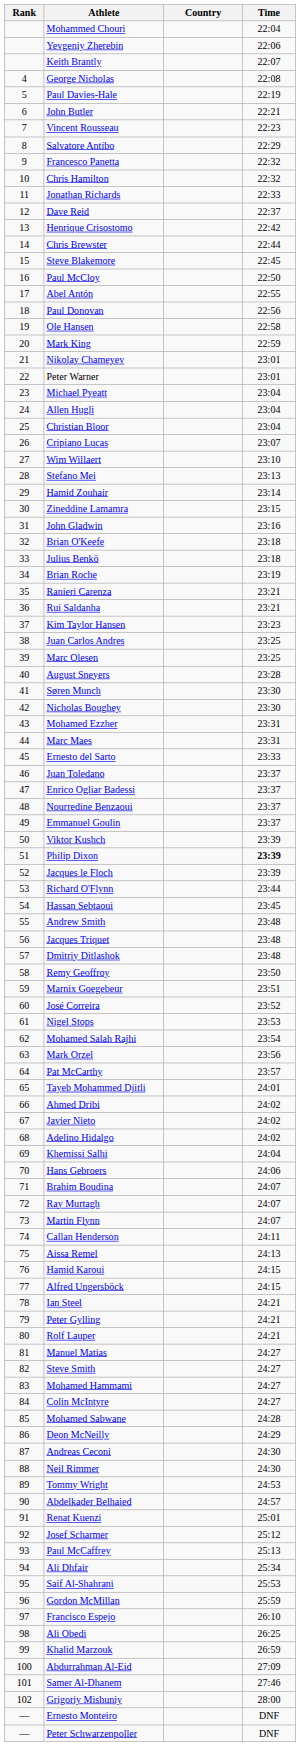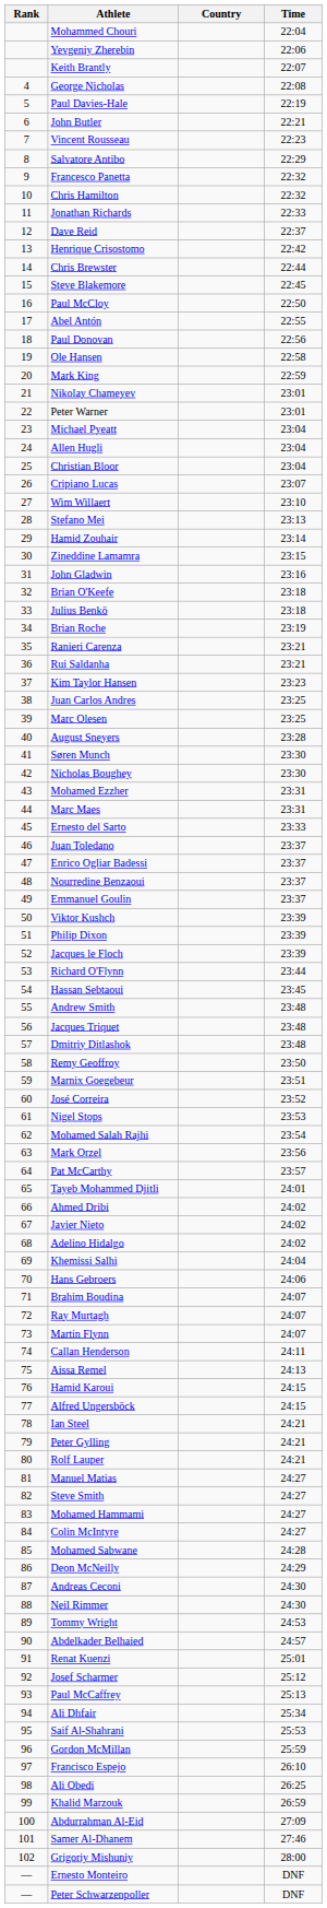 <table class="wikitable sortable" style=" text-align:center; font-size:95%;" width="50%">
 <tr>
 <th width=5%>Rank</th>
 <th width=20%>Athlete</th>
 <th width=15%>Country</th>
 <th width=10%>Time</th>
 </tr>
 <tr>
 <td align=center></td>
 <td align=left><a href='#'>Mohammed Chouri</a></td>
 <td align=left></td>
 <td>22:04</td>
 </tr>
 <tr>
 <td align=center></td>
 <td align=left><a href='#'>Yevgeniy Zherebin</a></td>
 <td align=left></td>
 <td>22:06</td>
 </tr>
 <tr>
 <td align=center></td>
 <td align=left><a href='#'>Keith Brantly</a></td>
 <td align=left></td>
 <td>22:07</td>
 </tr>
 <tr>
 <td align=center>4</td>
 <td align=left><a href='#'>George Nicholas</a></td>
 <td align=left></td>
 <td>22:08</td>
 </tr>
 <tr>
 <td align=center>5</td>
 <td align=left><a href='#'>Paul Davies-Hale</a></td>
 <td align=left></td>
 <td>22:19</td>
 </tr>
 <tr>
 <td align=center>6</td>
 <td align=left><a href='#'>John Butler</a></td>
 <td align=left></td>
 <td>22:21</td>
 </tr>
 <tr>
 <td align=center>7</td>
 <td align=left><a href='#'>Vincent Rousseau</a></td>
 <td align=left></td>
 <td>22:23</td>
 </tr>
 <tr>
 <td align=center>8</td>
 <td align=left><a href='#'>Salvatore Antibo</a></td>
 <td align=left></td>
 <td>22:29</td>
 </tr>
 <tr>
 <td align=center>9</td>
 <td align=left><a href='#'>Francesco Panetta</a></td>
 <td align=left></td>
 <td>22:32</td>
 </tr>
 <tr>
 <td align=center>10</td>
 <td align=left><a href='#'>Chris Hamilton</a></td>
 <td align=left></td>
 <td>22:32</td>
 </tr>
 <tr>
 <td align=center>11</td>
 <td align=left><a href='#'>Jonathan Richards</a></td>
 <td align=left></td>
 <td>22:33</td>
 </tr>
 <tr>
 <td align=center>12</td>
 <td align=left><a href='#'>Dave Reid</a></td>
 <td align=left></td>
 <td>22:37</td>
 </tr>
 <tr>
 <td align=center>13</td>
 <td align=left><a href='#'>Henrique Crisostomo</a></td>
 <td align=left></td>
 <td>22:42</td>
 </tr>
 <tr>
 <td align=center>14</td>
 <td align=left><a href='#'>Chris Brewster</a></td>
 <td align=left></td>
 <td>22:44</td>
 </tr>
 <tr>
 <td align=center>15</td>
 <td align=left><a href='#'>Steve Blakemore</a></td>
 <td align=left></td>
 <td>22:45</td>
 </tr>
 <tr>
 <td align=center>16</td>
 <td align=left><a href='#'>Paul McCloy</a></td>
 <td align=left></td>
 <td>22:50</td>
 </tr>
 <tr>
 <td align=center>17</td>
 <td align=left><a href='#'>Abel Antón</a></td>
 <td align=left></td>
 <td>22:55</td>
 </tr>
 <tr>
 <td align=center>18</td>
 <td align=left><a href='#'>Paul Donovan</a></td>
 <td align=left></td>
 <td>22:56</td>
 </tr>
 <tr>
 <td align=center>19</td>
 <td align=left><a href='#'>Ole Hansen</a></td>
 <td align=left></td>
 <td>22:58</td>
 </tr>
 <tr>
 <td align=center>20</td>
 <td align=left><a href='#'>Mark King</a></td>
 <td align=left></td>
 <td>22:59</td>
 </tr>
 <tr>
 <td align=center>21</td>
 <td align=left><a href='#'>Nikolay Chameyev</a></td>
 <td align=left></td>
 <td>23:01</td>
 </tr>
 <tr>
 <td align=center>22</td>
 <td align=left>Peter Warner</td>
 <td align="left"></td>
 <td>23:01</td>
 </tr>
 <tr>
 <td align=center>23</td>
 <td align=left><a href='#'>Michael Pyeatt</a></td>
 <td align=left></td>
 <td>23:04</td>
 </tr>
 <tr>
 <td align=center>24</td>
 <td align=left><a href='#'>Allen Hugli</a></td>
 <td align=left></td>
 <td>23:04</td>
 </tr>
 <tr>
 <td align=center>25</td>
 <td align=left><a href='#'>Christian Bloor</a></td>
 <td align=left></td>
 <td>23:04</td>
 </tr>
 <tr>
 <td align=center>26</td>
 <td align=left><a href='#'>Cripiano Lucas</a></td>
 <td align=left></td>
 <td>23:07</td>
 </tr>
 <tr>
 <td align=center>27</td>
 <td align=left><a href='#'>Wim Willaert</a></td>
 <td align=left></td>
 <td>23:10</td>
 </tr>
 <tr>
 <td align=center>28</td>
 <td align=left><a href='#'>Stefano Mei</a></td>
 <td align=left></td>
 <td>23:13</td>
 </tr>
 <tr>
 <td align=center>29</td>
 <td align=left><a href='#'>Hamid Zouhair</a></td>
 <td align=left></td>
 <td>23:14</td>
 </tr>
 <tr>
 <td align=center>30</td>
 <td align=left><a href='#'>Zineddine Lamamra</a></td>
 <td align=left></td>
 <td>23:15</td>
 </tr>
 <tr>
 <td align=center>31</td>
 <td align=left><a href='#'>John Gladwin</a></td>
 <td align=left></td>
 <td>23:16</td>
 </tr>
 <tr>
 <td align=center>32</td>
 <td align=left><a href='#'>Brian O'Keefe</a></td>
 <td align=left></td>
 <td>23:18</td>
 </tr>
 <tr>
 <td align=center>33</td>
 <td align=left><a href='#'>Julius Benkö</a></td>
 <td align=left></td>
 <td>23:18</td>
 </tr>
 <tr>
 <td align=center>34</td>
 <td align=left><a href='#'>Brian Roche</a></td>
 <td align=left></td>
 <td>23:19</td>
 </tr>
 <tr>
 <td align=center>35</td>
 <td align=left><a href='#'>Ranieri Carenza</a></td>
 <td align=left></td>
 <td>23:21</td>
 </tr>
 <tr>
 <td align=center>36</td>
 <td align=left><a href='#'>Rui Saldanha</a></td>
 <td align=left></td>
 <td>23:21</td>
 </tr>
 <tr>
 <td align=center>37</td>
 <td align=left><a href='#'>Kim Taylor Hansen</a></td>
 <td align=left></td>
 <td>23:23</td>
 </tr>
 <tr>
 <td align=center>38</td>
 <td align=left><a href='#'>Juan Carlos Andres</a></td>
 <td align=left></td>
 <td>23:25</td>
 </tr>
 <tr>
 <td align=center>39</td>
 <td align=left><a href='#'>Marc Olesen</a></td>
 <td align=left></td>
 <td>23:25</td>
 </tr>
 <tr>
 <td align=center>40</td>
 <td align=left><a href='#'>August Sneyers</a></td>
 <td align=left></td>
 <td>23:28</td>
 </tr>
 <tr>
 <td align=center>41</td>
 <td align=left><a href='#'>Søren Munch</a></td>
 <td align=left></td>
 <td>23:30</td>
 </tr>
 <tr>
 <td align=center>42</td>
 <td align=left><a href='#'>Nicholas Boughey</a></td>
 <td align=left></td>
 <td>23:30</td>
 </tr>
 <tr>
 <td align=center>43</td>
 <td align=left><a href='#'>Mohamed Ezzher</a></td>
 <td align=left></td>
 <td>23:31</td>
 </tr>
 <tr>
 <td align=center>44</td>
 <td align=left><a href='#'>Marc Maes</a></td>
 <td align=left></td>
 <td>23:31</td>
 </tr>
 <tr>
 <td align=center>45</td>
 <td align=left><a href='#'>Ernesto del Sarto</a></td>
 <td align=left></td>
 <td>23:33</td>
 </tr>
 <tr>
 <td align=center>46</td>
 <td align=left><a href='#'>Juan Toledano</a></td>
 <td align=left></td>
 <td>23:37</td>
 </tr>
 <tr>
 <td align=center>47</td>
 <td align=left><a href='#'>Enrico Ogliar Badessi</a></td>
 <td align=left></td>
 <td>23:37</td>
 </tr>
 <tr>
 <td align=center>48</td>
 <td align=left><a href='#'>Nourredine Benzaoui</a></td>
 <td align=left></td>
 <td>23:37</td>
 </tr>
 <tr>
 <td align=center>49</td>
 <td align=left><a href='#'>Emmanuel Goulin</a></td>
 <td align=left></td>
 <td>23:37</td>
 </tr>
 <tr>
 <td align=center>50</td>
 <td align=left><a href='#'>Viktor Kushch</a></td>
 <td align=left></td>
 <td>23:39</td>
 </tr>
 <tr>
 <td align=center>51</td>
 <td align=left><a href='#'>Philip Dixon</a></td>
 <td align=left></td>
-<td><strong>23:39</strong></td>
+<td>23:39</td>
 </tr>
 <tr>
 <td align=center>52</td>
 <td align=left><a href='#'>Jacques le Floch</a></td>
 <td align=left></td>
 <td>23:39</td>
 </tr>
 <tr>
 <td align=center>53</td>
 <td align=left><a href='#'>Richard O'Flynn</a></td>
 <td align=left></td>
 <td>23:44</td>
 </tr>
 <tr>
 <td align=center>54</td>
 <td align=left><a href='#'>Hassan Sebtaoui</a></td>
 <td align=left></td>
 <td>23:45</td>
 </tr>
 <tr>
 <td align=center>55</td>
 <td align=left><a href='#'>Andrew Smith</a></td>
 <td align=left></td>
 <td>23:48</td>
 </tr>
 <tr>
 <td align=center>56</td>
 <td align=left><a href='#'>Jacques Triquet</a></td>
 <td align=left></td>
 <td>23:48</td>
 </tr>
 <tr>
 <td align=center>57</td>
 <td align=left><a href='#'>Dmitriy Ditlashok</a></td>
 <td align=left></td>
 <td>23:48</td>
 </tr>
 <tr>
 <td align=center>58</td>
 <td align=left><a href='#'>Remy Geoffroy</a></td>
 <td align=left></td>
 <td>23:50</td>
 </tr>
 <tr>
 <td align=center>59</td>
 <td align=left><a href='#'>Marnix Goegebeur</a></td>
 <td align=left></td>
 <td>23:51</td>
 </tr>
 <tr>
 <td align=center>60</td>
 <td align=left><a href='#'>José Correira</a></td>
 <td align=left></td>
 <td>23:52</td>
 </tr>
 <tr>
 <td align=center>61</td>
 <td align=left><a href='#'>Nigel Stops</a></td>
 <td align=left></td>
 <td>23:53</td>
 </tr>
 <tr>
 <td align=center>62</td>
 <td align=left><a href='#'>Mohamed Salah Rajhi</a></td>
 <td align=left></td>
 <td>23:54</td>
 </tr>
 <tr>
 <td align=center>63</td>
 <td align=left><a href='#'>Mark Orzel</a></td>
 <td align=left></td>
 <td>23:56</td>
 </tr>
 <tr>
 <td align=center>64</td>
 <td align=left><a href='#'>Pat McCarthy</a></td>
 <td align=left></td>
 <td>23:57</td>
 </tr>
 <tr>
 <td align=center>65</td>
 <td align=left><a href='#'>Tayeb Mohammed Djitli</a></td>
 <td align=left></td>
 <td>24:01</td>
 </tr>
 <tr>
 <td align=center>66</td>
 <td align=left><a href='#'>Ahmed Dribi</a></td>
 <td align=left></td>
 <td>24:02</td>
 </tr>
 <tr>
 <td align=center>67</td>
 <td align=left><a href='#'>Javier Nieto</a></td>
 <td align=left></td>
 <td>24:02</td>
 </tr>
 <tr>
 <td align=center>68</td>
 <td align=left><a href='#'>Adelino Hidalgo</a></td>
 <td align=left></td>
 <td>24:02</td>
 </tr>
 <tr>
 <td align=center>69</td>
 <td align=left><a href='#'>Khemissi Salhi</a></td>
 <td align=left></td>
 <td>24:04</td>
 </tr>
 <tr>
 <td align=center>70</td>
 <td align=left><a href='#'>Hans Gebroers</a></td>
 <td align=left></td>
 <td>24:06</td>
 </tr>
 <tr>
 <td align=center>71</td>
 <td align=left><a href='#'>Brahim Boudina</a></td>
 <td align=left></td>
 <td>24:07</td>
 </tr>
 <tr>
 <td align=center>72</td>
 <td align=left><a href='#'>Ray Murtagh</a></td>
 <td align=left></td>
 <td>24:07</td>
 </tr>
 <tr>
 <td align=center>73</td>
 <td align=left><a href='#'>Martin Flynn</a></td>
 <td align=left></td>
 <td>24:07</td>
 </tr>
 <tr>
 <td align=center>74</td>
 <td align=left><a href='#'>Callan Henderson</a></td>
 <td align=left></td>
 <td>24:11</td>
 </tr>
 <tr>
 <td align=center>75</td>
 <td align=left><a href='#'>Aissa Remel</a></td>
 <td align=left></td>
 <td>24:13</td>
 </tr>
 <tr>
 <td align=center>76</td>
 <td align=left><a href='#'>Hamid Karoui</a></td>
 <td align=left></td>
 <td>24:15</td>
 </tr>
 <tr>
 <td align=center>77</td>
 <td align=left><a href='#'>Alfred Ungersböck</a></td>
 <td align=left></td>
 <td>24:15</td>
 </tr>
 <tr>
 <td align=center>78</td>
 <td align=left><a href='#'>Ian Steel</a></td>
 <td align=left></td>
 <td>24:21</td>
 </tr>
 <tr>
 <td align=center>79</td>
 <td align=left><a href='#'>Peter Gylling</a></td>
 <td align=left></td>
 <td>24:21</td>
 </tr>
 <tr>
 <td align=center>80</td>
 <td align=left><a href='#'>Rolf Lauper</a></td>
 <td align=left></td>
 <td>24:21</td>
 </tr>
 <tr>
 <td align=center>81</td>
 <td align=left><a href='#'>Manuel Matias</a></td>
 <td align=left></td>
 <td>24:27</td>
 </tr>
 <tr>
 <td align=center>82</td>
 <td align=left><a href='#'>Steve Smith</a></td>
 <td align=left></td>
 <td>24:27</td>
 </tr>
 <tr>
 <td align=center>83</td>
 <td align=left><a href='#'>Mohamed Hammami</a></td>
 <td align=left></td>
 <td>24:27</td>
 </tr>
 <tr>
 <td align=center>84</td>
 <td align=left><a href='#'>Colin McIntyre</a></td>
 <td align=left></td>
 <td>24:27</td>
 </tr>
 <tr>
 <td align=center>85</td>
 <td align=left><a href='#'>Mohamed Sabwane</a></td>
 <td align=left></td>
 <td>24:28</td>
 </tr>
 <tr>
 <td align=center>86</td>
 <td align=left><a href='#'>Deon McNeilly</a></td>
 <td align=left></td>
 <td>24:29</td>
 </tr>
 <tr>
 <td align=center>87</td>
 <td align=left><a href='#'>Andreas Ceconi</a></td>
 <td align=left></td>
 <td>24:30</td>
 </tr>
 <tr>
 <td align=center>88</td>
 <td align=left><a href='#'>Neil Rimmer</a></td>
 <td align=left></td>
 <td>24:30</td>
 </tr>
 <tr>
 <td align=center>89</td>
 <td align=left><a href='#'>Tommy Wright</a></td>
 <td align=left></td>
 <td>24:53</td>
 </tr>
 <tr>
 <td align=center>90</td>
 <td align=left><a href='#'>Abdelkader Belhaied</a></td>
 <td align=left></td>
 <td>24:57</td>
 </tr>
 <tr>
 <td align=center>91</td>
 <td align=left><a href='#'>Renat Kuenzi</a></td>
 <td align=left></td>
 <td>25:01</td>
 </tr>
 <tr>
 <td align=center>92</td>
 <td align=left><a href='#'>Josef Scharmer</a></td>
 <td align=left></td>
 <td>25:12</td>
 </tr>
 <tr>
 <td align=center>93</td>
 <td align=left><a href='#'>Paul McCaffrey</a></td>
 <td align=left></td>
 <td>25:13</td>
 </tr>
 <tr>
 <td align=center>94</td>
 <td align=left><a href='#'>Ali Dhfair</a></td>
 <td align=left></td>
 <td>25:34</td>
 </tr>
 <tr>
 <td align=center>95</td>
 <td align=left><a href='#'>Saif Al-Shahrani</a></td>
 <td align=left></td>
 <td>25:53</td>
 </tr>
 <tr>
 <td align=center>96</td>
 <td align=left><a href='#'>Gordon McMillan</a></td>
 <td align=left></td>
 <td>25:59</td>
 </tr>
 <tr>
 <td align=center>97</td>
 <td align=left><a href='#'>Francisco Espejo</a></td>
 <td align=left></td>
 <td>26:10</td>
 </tr>
 <tr>
 <td align=center>98</td>
 <td align=left><a href='#'>Ali Obedi</a></td>
 <td align=left></td>
 <td>26:25</td>
 </tr>
 <tr>
 <td align=center>99</td>
 <td align=left><a href='#'>Khalid Marzouk</a></td>
 <td align=left></td>
 <td>26:59</td>
 </tr>
 <tr>
 <td align=center>100</td>
 <td align=left><a href='#'>Abdurrahman Al-Eid</a></td>
 <td align=left></td>
 <td>27:09</td>
 </tr>
 <tr>
 <td align=center>101</td>
 <td align=left><a href='#'>Samer Al-Dhanem</a></td>
 <td align=left></td>
 <td>27:46</td>
 </tr>
 <tr>
 <td align=center>102</td>
 <td align=left><a href='#'>Grigoriy Mishuniy</a></td>
 <td align=left></td>
 <td>28:00</td>
 </tr>
 <tr>
 <td align=center>—</td>
 <td align=left><a href='#'>Ernesto Monteiro</a></td>
 <td align=left></td>
 <td>DNF</td>
 </tr>
 <tr>
 <td align=center>—</td>
 <td align=left><a href='#'>Peter Schwarzenpoller</a></td>
 <td align=left></td>
 <td>DNF</td>
 </tr>
 </table>
